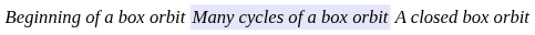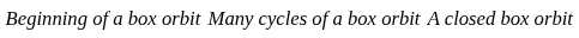 <table border="0" cellpadding="2" align="center">
 <tr>
 <td></td>
 <td></td>
 <td></td>
 </tr>
 <tr>
 <td align="center"><em>Beginning of a box orbit</em></td>
-<td align="center" style="background: lavender;"><em>Many cycles of a box orbit</em></td>
+<td align="center"><em>Many cycles of a box orbit</em></td>
 <td align="center"><em>A closed box orbit</em></td>
 </tr>
 <tr>
 </tr>
 </table>
